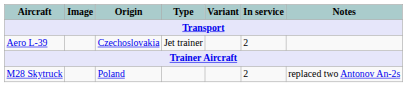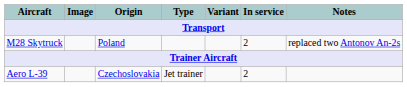 <table class="wikitable">
 <tr>
 <th style="text-align:center; background:#acc;">Aircraft</th>
 <th style="text-align:center; background:#acc;">Image</th>
 <th style="text-align: center; background:#acc;">Origin</th>
 <th style="text-align:l center; background:#acc;">Type</th>
 <th style="text-align:left; background:#acc;">Variant</th>
 <th style="text-align:center; background:#acc;">In service</th>
 <th style="text-align: center; background:#acc;">Notes</th>
 </tr>
 <tr>
 <th style="align: center; background: lavender;" colspan="7"><a href='#'>Transport</a></th>
 </tr>
 <tr>
+<td><a href='#'>M28 Skytruck</a></td>
+<td></td>
+<td><a href='#'>Poland</a></td>
+<td></td>
+<td></td>
+<td>2</td>
+<td>replaced two <a href='#'>Antonov An-2s</a></td>
+</tr>
+<tr>
+<th style="align: center; background: lavender;" colspan="7"><a href='#'>Trainer Aircraft</a></th>
+</tr>
+<tr>
 <td><a href='#'>Aero L-39</a></td>
 <td></td>
 <td><a href='#'>Czechoslovakia</a></td>
 <td>Jet trainer</td>
 <td></td>
 <td>2</td>
 <td></td>
 </tr>
-<tr>
-<th style="align: center; background: lavender;" colspan="7"><a href='#'>Trainer Aircraft</a></th>
-</tr>
-<tr>
-<td><a href='#'>M28 Skytruck</a></td>
-<td></td>
-<td><a href='#'>Poland</a></td>
-<td></td>
-<td></td>
-<td>2</td>
-<td>replaced two <a href='#'>Antonov An-2s</a></td>
-</tr>
 </table>
